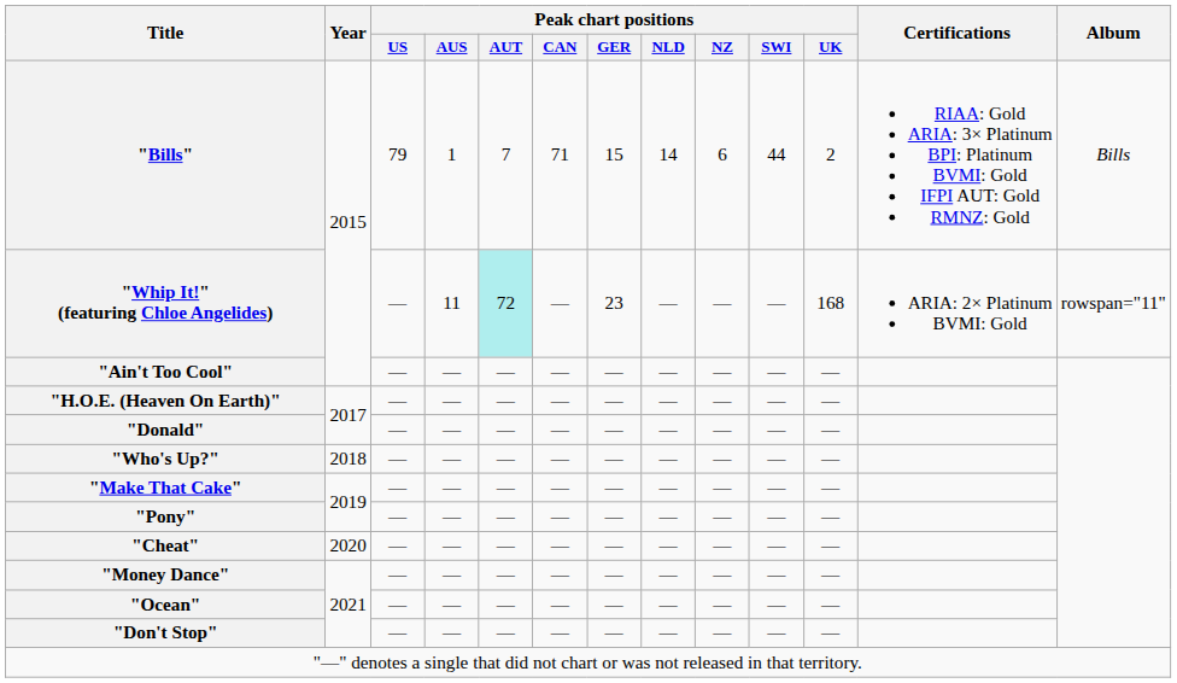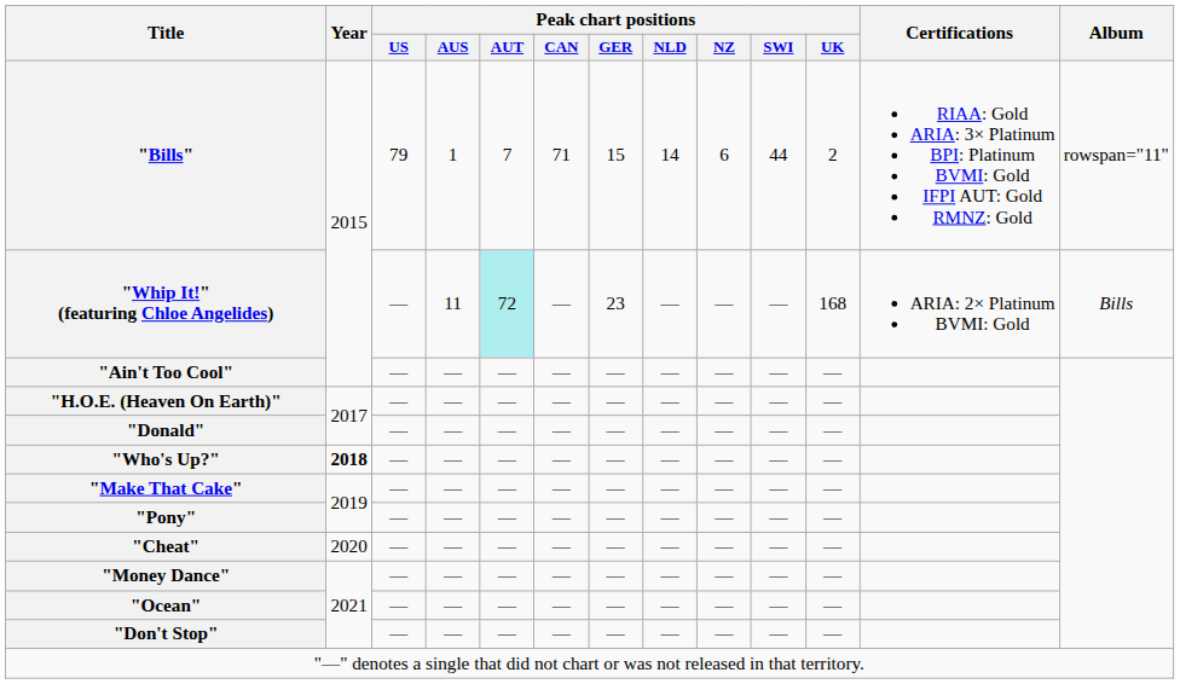 <table class="wikitable plainrowheaders" style="text-align:center;">
 <tr>
 <th rowspan="2" scope="col" style="width:17em;">Title</th>
 <th rowspan="2" scope="col" style="width:1em;">Year</th>
 <th scope="col" colspan="9">Peak chart positions</th>
 <th scope="col" rowspan="2">Certifications</th>
 <th scope="col" rowspan="2">Album</th>
 </tr>
 <tr>
 <th scope="col" style="width:3em;font-size:85%;"><a href='#'>US</a><br></th>
 <th scope="col" style="width:3em;font-size:85%;"><a href='#'>AUS</a><br></th>
 <th scope="col" style="width:3em;font-size:85%;"><a href='#'>AUT</a> <br></th>
 <th scope="col" style="width:3em;font-size:85%;"><a href='#'>CAN</a><br></th>
 <th scope="col" style="width:3em;font-size:85%;"><a href='#'>GER</a><br></th>
 <th scope="col" style="width:3em;font-size:85%;"><a href='#'>NLD</a><br></th>
 <th scope="col" style="width:3em;font-size:85%;"><a href='#'>NZ</a><br></th>
 <th scope="col" style="width:3em;font-size:85%;"><a href='#'>SWI</a><br></th>
 <th scope="col" style="width:3em;font-size:85%;"><a href='#'>UK</a><br></th>
 </tr>
 <tr>
 <th scope="row">"<a href='#'>Bills</a>"</th>
 <td rowspan="3">2015</td>
 <td>79</td>
 <td>1</td>
 <td>7</td>
 <td>71</td>
 <td>15</td>
 <td>14</td>
 <td>6</td>
 <td>44</td>
 <td>2</td>
 <td><br><ul><li><a href='#'>RIAA</a>: Gold</li><li><a href='#'>ARIA</a>: 3× Platinum</li><li><a href='#'>BPI</a>: Platinum</li><li><a href='#'>BVMI</a>: Gold</li><li><a href='#'>IFPI</a> AUT: Gold</li><li><a href='#'>RMNZ</a>: Gold</li></ul></td>
-<td><em>Bills</em></td>
+<td>rowspan="11" </td>
 </tr>
 <tr>
 <th scope="row">"<a href='#'>Whip It!</a>"<br><span>(featuring <a href='#'>Chloe Angelides</a>)</span></th>
 <td>—</td>
 <td>11</td>
 <td style="background: paleturquoise;">72</td>
 <td>—</td>
 <td>23 </td>
 <td>—</td>
 <td>—</td>
 <td>—</td>
 <td>168<br></td>
 <td><br><ul><li>ARIA: 2× Platinum</li><li>BVMI: Gold</li></ul></td>
-<td>rowspan="11" </td>
+<td><em>Bills</em></td>
 </tr>
 <tr>
 <th scope="row">"Ain't Too Cool"</th>
 <td>—</td>
 <td>—</td>
 <td>—</td>
 <td>—</td>
 <td>—</td>
 <td>—</td>
 <td>—</td>
 <td>—</td>
 <td>—</td>
 <td></td>
 </tr>
 <tr>
 <th scope="row">"H.O.E. (Heaven On Earth)"<br></th>
 <td rowspan="2">2017</td>
 <td>—</td>
 <td>—</td>
 <td>—</td>
 <td>—</td>
 <td>—</td>
 <td>—</td>
 <td>—</td>
 <td>—</td>
 <td>—</td>
 <td></td>
 </tr>
 <tr>
 <th scope="row">"Donald"</th>
 <td>—</td>
 <td>—</td>
 <td>—</td>
 <td>—</td>
 <td>—</td>
 <td>—</td>
 <td>—</td>
 <td>—</td>
 <td>—</td>
 <td></td>
 </tr>
 <tr>
 <th scope="row">"Who's Up?"</th>
-<td>2018</td>
+<td><strong>2018</strong></td>
 <td>—</td>
 <td>—</td>
 <td>—</td>
 <td>—</td>
 <td>—</td>
 <td>—</td>
 <td>—</td>
 <td>—</td>
 <td>—</td>
 <td></td>
 </tr>
 <tr>
 <th scope="row">"<a href='#'>Make That Cake</a>"<br></th>
 <td rowspan="2">2019</td>
 <td>—</td>
 <td>—</td>
 <td>—</td>
 <td>—</td>
 <td>—</td>
 <td>—</td>
 <td>—</td>
 <td>—</td>
 <td>—</td>
 <td></td>
 </tr>
 <tr>
 <th scope="row">"Pony"<br></th>
 <td>—</td>
 <td>—</td>
 <td>—</td>
 <td>—</td>
 <td>—</td>
 <td>—</td>
 <td>—</td>
 <td>—</td>
 <td>—</td>
 <td></td>
 </tr>
 <tr>
 <th scope="row">"Cheat"</th>
 <td>2020</td>
 <td>—</td>
 <td>—</td>
 <td>—</td>
 <td>—</td>
 <td>—</td>
 <td>—</td>
 <td>—</td>
 <td>—</td>
 <td>—</td>
 <td></td>
 </tr>
 <tr>
 <th scope="row">"Money Dance"</th>
 <td rowspan="3">2021</td>
 <td>—</td>
 <td>—</td>
 <td>—</td>
 <td>—</td>
 <td>—</td>
 <td>—</td>
 <td>—</td>
 <td>—</td>
 <td>—</td>
 <td></td>
 </tr>
 <tr>
 <th scope="row">"Ocean"<br></th>
 <td>—</td>
 <td>—</td>
 <td>—</td>
 <td>—</td>
 <td>—</td>
 <td>—</td>
 <td>—</td>
 <td>—</td>
 <td>—</td>
 <td></td>
 </tr>
 <tr>
 <th scope="row">"Don't Stop"<br></th>
 <td>—</td>
 <td>—</td>
 <td>—</td>
 <td>—</td>
 <td>—</td>
 <td>—</td>
 <td>—</td>
 <td>—</td>
 <td>—</td>
 <td></td>
 </tr>
 <tr>
 <td colspan="13">"—" denotes a single that did not chart or was not released in that territory.</td>
 </tr>
 </table>
